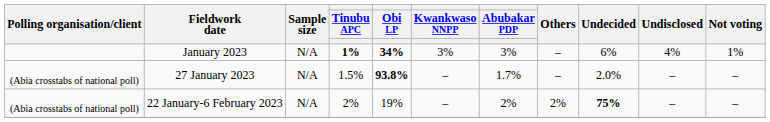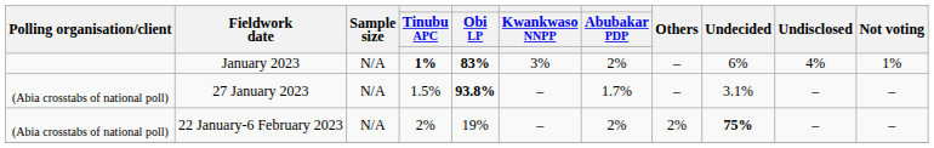 <table class="wikitable" style="text-align:center;font-size:95%;line-height:14px;">
 <tr>
 <th rowspan="3">Polling organisation/client</th>
 <th rowspan="3">Fieldwork<br>date</th>
 <th rowspan="3">Sample<br>size</th>
 <th></th>
 <th></th>
 <th></th>
 <th></th>
 <th rowspan="3">Others</th>
 <th rowspan="3">Undecided</th>
 <th rowspan="3">Undisclosed</th>
 <th rowspan="3">Not voting</th>
 </tr>
 <tr>
 <th><a href='#'>Tinubu</a><br><small><a href='#'>APC</a></small></th>
 <th><a href='#'>Obi</a><br><small><a href='#'>LP</a></small></th>
 <th><a href='#'>Kwankwaso</a><br><small><a href='#'>NNPP</a></small></th>
 <th><a href='#'>Abubakar</a><br><small><a href='#'>PDP</a></small></th>
 </tr>
 <tr>
 <th style="background:"></th>
 <th style="background:"></th>
 <th style="background:"></th>
 <th style="background:"></th>
 </tr>
 <tr>
 <td></td>
 <td>January 2023</td>
 <td>N/A</td>
 <td><strong>1%</strong></td>
-<td><strong>34%</strong></td>
+<td><strong>83%</strong></td>
 <td>3%</td>
-<td>3%</td>
+<td>2%</td>
 <td>–</td>
 <td>6%</td>
 <td>4%</td>
 <td>1%</td>
 </tr>
 <tr>
 <td><br><small>(Abia crosstabs of national poll)</small></td>
 <td>27 January 2023</td>
 <td>N/A</td>
 <td>1.5%</td>
 <td><strong>93.8%</strong></td>
 <td>–</td>
 <td>1.7%</td>
 <td>–</td>
-<td>2.0%</td>
+<td>3.1%</td>
 <td>–</td>
 <td>–</td>
 </tr>
 <tr>
 <td><br><small>(Abia crosstabs of national poll)</small></td>
 <td>22 January-6 February 2023</td>
 <td>N/A</td>
 <td>2%</td>
 <td>19%</td>
 <td>–</td>
 <td>2%</td>
 <td>2%</td>
 <td><strong>75%</strong></td>
 <td>–</td>
 <td>–</td>
 </tr>
 <tr>
 </tr>
 </table>
